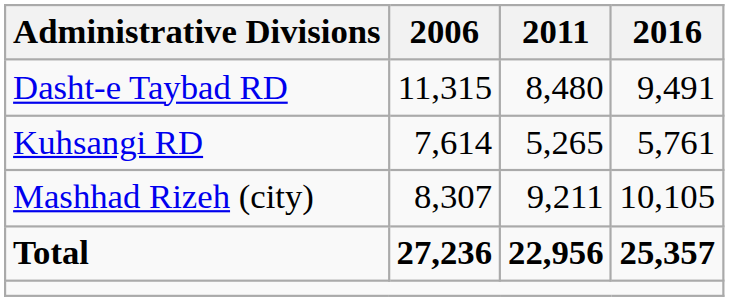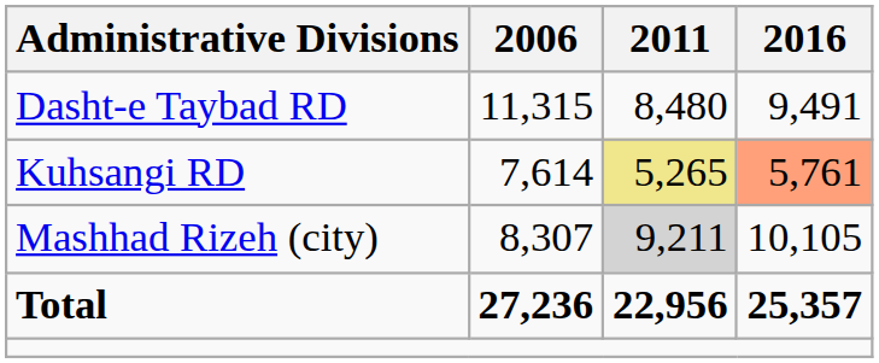 <table class="wikitable">
 <tr>
 <th>Administrative Divisions</th>
 <th>2006</th>
 <th>2011</th>
 <th>2016</th>
 </tr>
 <tr>
 <td><a href='#'>Dasht-e Taybad RD</a></td>
 <td style="text-align: right;">11,315</td>
 <td style="text-align: right;">8,480</td>
 <td style="text-align: right;">9,491</td>
 </tr>
 <tr>
 <td><a href='#'>Kuhsangi RD</a></td>
 <td style="text-align: right;">7,614</td>
-<td style="text-align: right;">5,265</td>
-<td style="text-align: right;">5,761</td>
+<td style="background: khaki; text-align: right;">5,265</td>
+<td style="background: lightsalmon; text-align: right;">5,761</td>
 </tr>
 <tr>
 <td><a href='#'>Mashhad Rizeh</a> (city)</td>
 <td style="text-align: right;">8,307</td>
-<td style="text-align: right;">9,211</td>
+<td style="background: lightgrey; text-align: right;">9,211</td>
 <td style="text-align: right;">10,105</td>
 </tr>
 <tr>
 <td><strong>Total</strong></td>
 <td style="text-align: right;"><strong>27,236</strong></td>
 <td style="text-align: right;"><strong>22,956</strong></td>
 <td style="text-align: right;"><strong>25,357</strong></td>
 </tr>
 <tr>
 <td colspan=4></td>
 </tr>
 </table>
